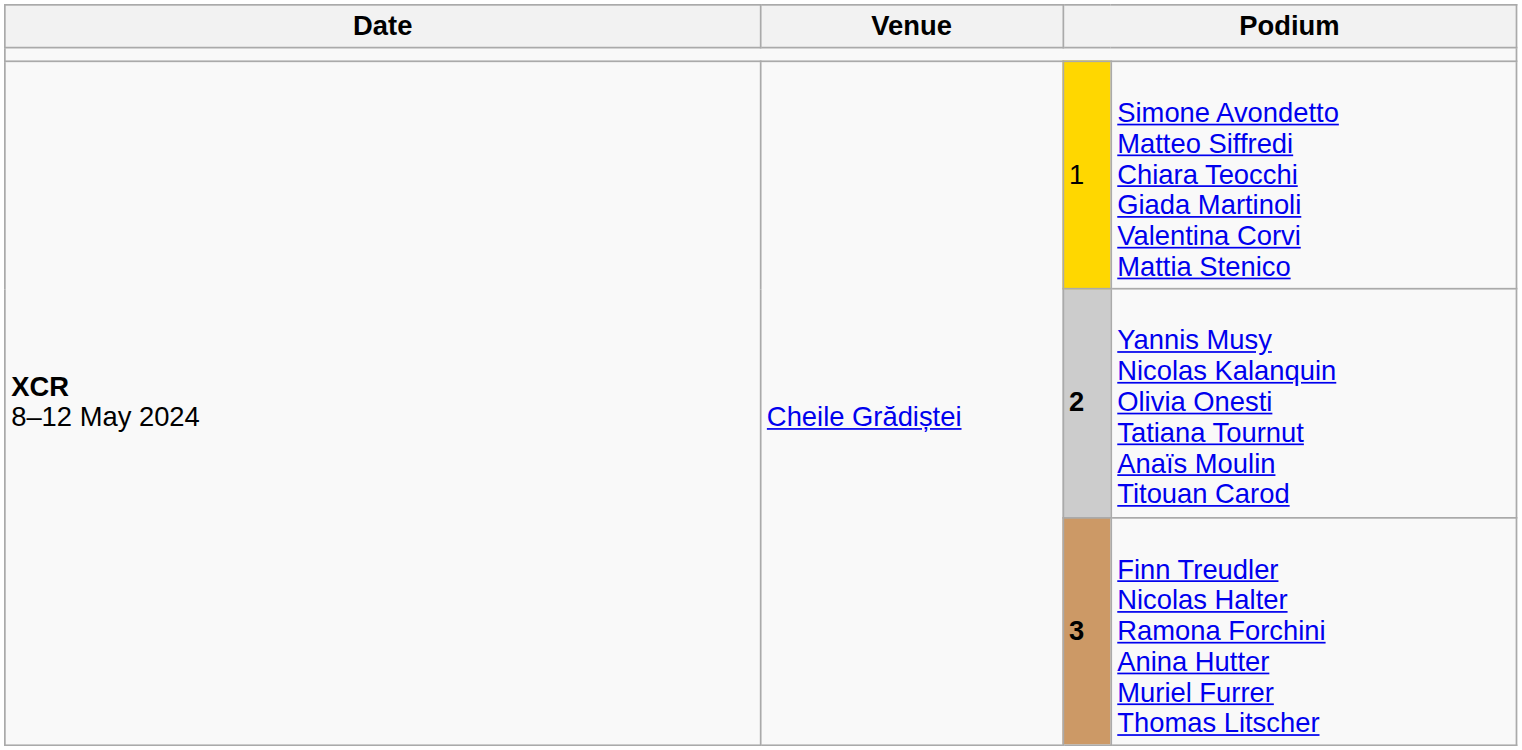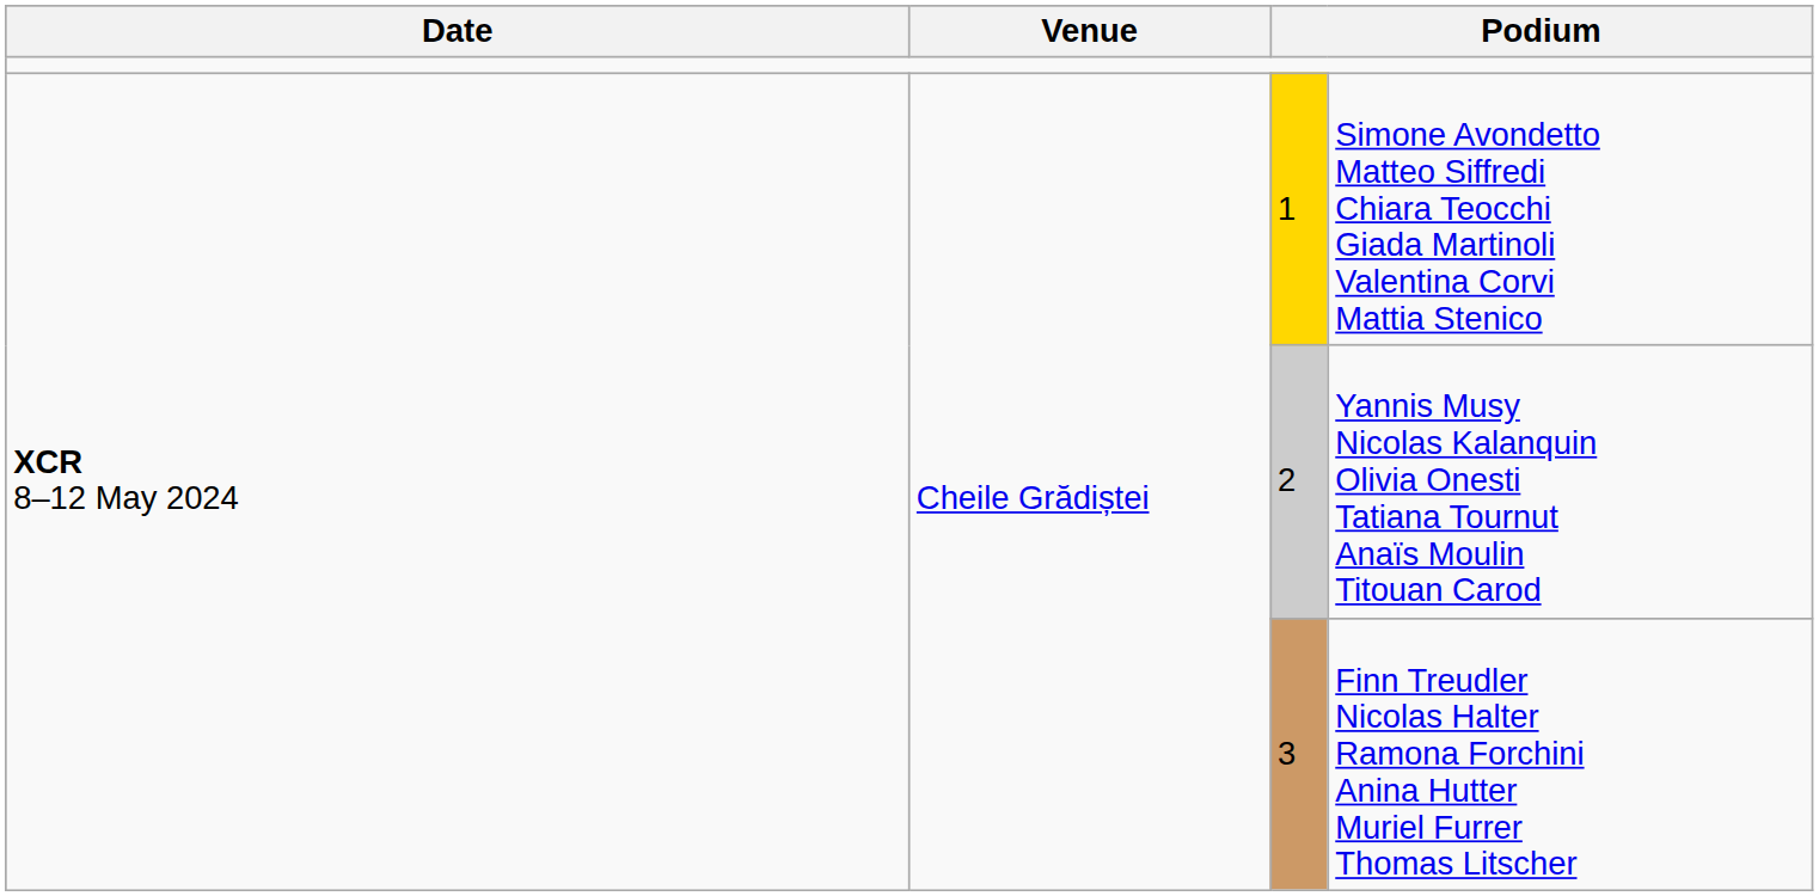 <table class="wikitable" width=70%>
 <tr>
 <th>Date</th>
 <th width=20%>Venue</th>
 <th colspan=2 width=30%>Podium</th>
 </tr>
 <tr>
 <td colspan=6></td>
 </tr>
 <tr>
 <td rowspan=3><strong>XCR</strong> <br> 8–12 May 2024</td>
 <td rowspan=3><br><a href='#'>Cheile Grădiștei</a></td>
 <td bgcolor=FFD700>1</td>
 <td><br><a href='#'>Simone Avondetto</a><br><a href='#'>Matteo Siffredi</a><br><a href='#'>Chiara Teocchi</a><br><a href='#'>Giada Martinoli</a><br><a href='#'>Valentina Corvi</a><br><a href='#'>Mattia Stenico</a></td>
 </tr>
 <tr>
-<td bgcolor=CCCCCC><strong>2</strong></td>
+<td bgcolor=CCCCCC>2</td>
 <td><br><a href='#'>Yannis Musy</a><br><a href='#'>Nicolas Kalanquin</a><br><a href='#'>Olivia Onesti</a><br><a href='#'>Tatiana Tournut</a><br><a href='#'>Anaïs Moulin</a><br><a href='#'>Titouan Carod</a></td>
 </tr>
 <tr>
-<td bgcolor=CC9966><strong>3</strong></td>
+<td bgcolor=CC9966>3</td>
 <td><br><a href='#'>Finn Treudler</a><br><a href='#'>Nicolas Halter</a><br><a href='#'>Ramona Forchini</a><br><a href='#'>Anina Hutter</a><br><a href='#'>Muriel Furrer</a><br><a href='#'>Thomas Litscher</a></td>
 </tr>
 </table>
